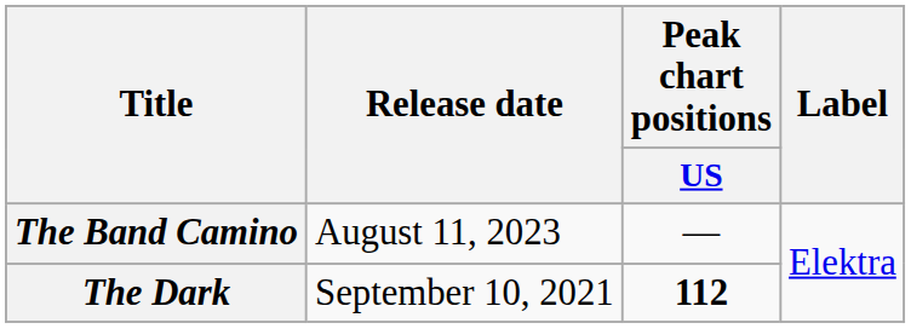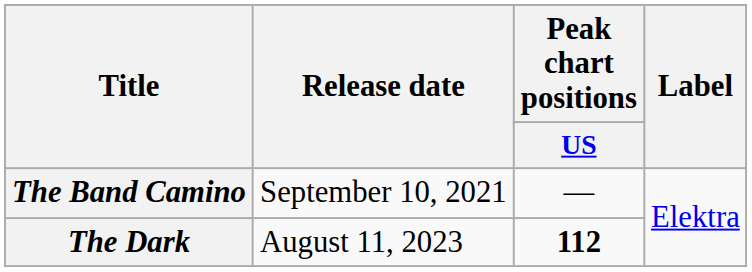 <table class="wikitable plainrowheaders">
 <tr>
 <th scope="col" rowspan="2">Title</th>
 <th scope="col" rowspan="2">Release date</th>
 <th scope="col" colspan="1">Peak chart positions</th>
 <th scope="col" rowspan="2">Label</th>
 </tr>
 <tr>
 <th scope="col" style="width:3em;font-size:90%"><a href='#'>US</a><br></th>
 </tr>
 <tr>
 <th scope="row"><em>The Band Camino</em></th>
-<td>August 11, 2023</td>
+<td>September 10, 2021</td>
 <td align="center">—</td>
 <td rowspan="2"><a href='#'>Elektra</a></td>
 </tr>
 <tr>
 <th scope="row"><em>The Dark</em></th>
-<td>September 10, 2021</td>
+<td>August 11, 2023</td>
 <td align="center"><strong>112</strong></td>
 </tr>
 </table>
